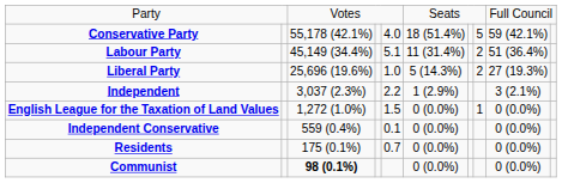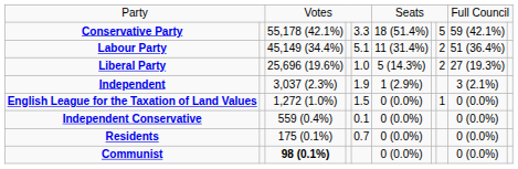 <table class=wikitable style="text-align:center;">
 <tr>
 <td colspan=2>Party</td>
 <td colspan=3>Votes</td>
 <td colspan=3>Seats</td>
 <td colspan=3>Full Council</td>
 </tr>
 <tr>
 <td><strong><a href='#'>Conservative Party</a></strong></td>
 <td style="background:"></td>
 <td>55,178 (42.1%)</td>
 <td></td>
-<td> 4.0</td>
+<td> 3.3</td>
 <td>18 (51.4%)</td>
 <td></td>
 <td> 5</td>
 <td>59 (42.1%)</td>
 <td></td>
 </tr>
 <tr>
 <td><strong><a href='#'>Labour Party</a></strong></td>
 <td style="background:"></td>
 <td>45,149 (34.4%)</td>
 <td></td>
 <td> 5.1</td>
 <td>11 (31.4%)</td>
 <td></td>
 <td> 2</td>
 <td>51 (36.4%)</td>
 <td></td>
 </tr>
 <tr>
 <td><strong><a href='#'>Liberal Party</a></strong></td>
 <td style="background:"></td>
 <td>25,696 (19.6%)</td>
 <td></td>
 <td> 1.0</td>
 <td>5 (14.3%)</td>
 <td></td>
 <td> 2</td>
 <td>27 (19.3%)</td>
 <td></td>
 </tr>
 <tr>
 <td><strong><a href='#'>Independent</a></strong></td>
 <td style="background:"></td>
 <td>3,037 (2.3%)</td>
 <td></td>
-<td> 2.2</td>
+<td> 1.9</td>
 <td>1 (2.9%)</td>
 <td></td>
 <td></td>
 <td>3 (2.1%)</td>
 <td></td>
 </tr>
 <tr>
 <td><strong><a href='#'>English League for the Taxation of Land Values</a></strong></td>
 <td style="background:"></td>
 <td>1,272 (1.0%)</td>
 <td></td>
 <td> 1.5</td>
 <td>0 (0.0%)</td>
 <td></td>
 <td> 1</td>
 <td>0 (0.0%)</td>
 <td></td>
 </tr>
 <tr>
 <td><strong><a href='#'>Independent Conservative</a></strong></td>
 <td style="background:"></td>
 <td>559 (0.4%)</td>
 <td></td>
 <td> 0.1</td>
 <td>0 (0.0%)</td>
 <td></td>
 <td></td>
 <td>0 (0.0%)</td>
 <td></td>
 </tr>
 <tr>
 <td><strong><a href='#'>Residents</a></strong></td>
 <td style="background:"></td>
 <td>175 (0.1%)</td>
 <td></td>
 <td> 0.7</td>
 <td>0 (0.0%)</td>
 <td></td>
 <td></td>
 <td>0 (0.0%)</td>
 <td></td>
 </tr>
 <tr>
 <td><strong><a href='#'>Communist</a></strong></td>
 <td style="background:"></td>
 <td><strong>98 (0.1%)</strong></td>
 <td></td>
 <td></td>
 <td>0 (0.0%)</td>
 <td></td>
 <td></td>
 <td>0 (0.0%)</td>
 <td></td>
 </tr>
 </table>
